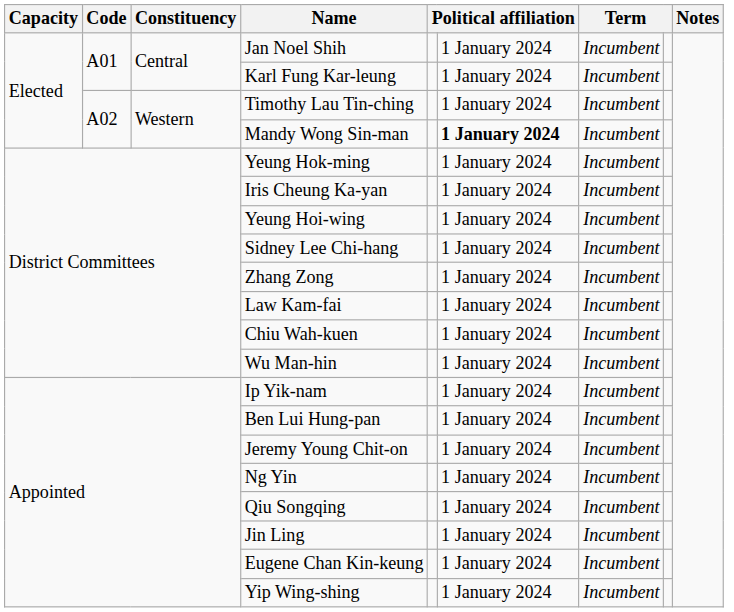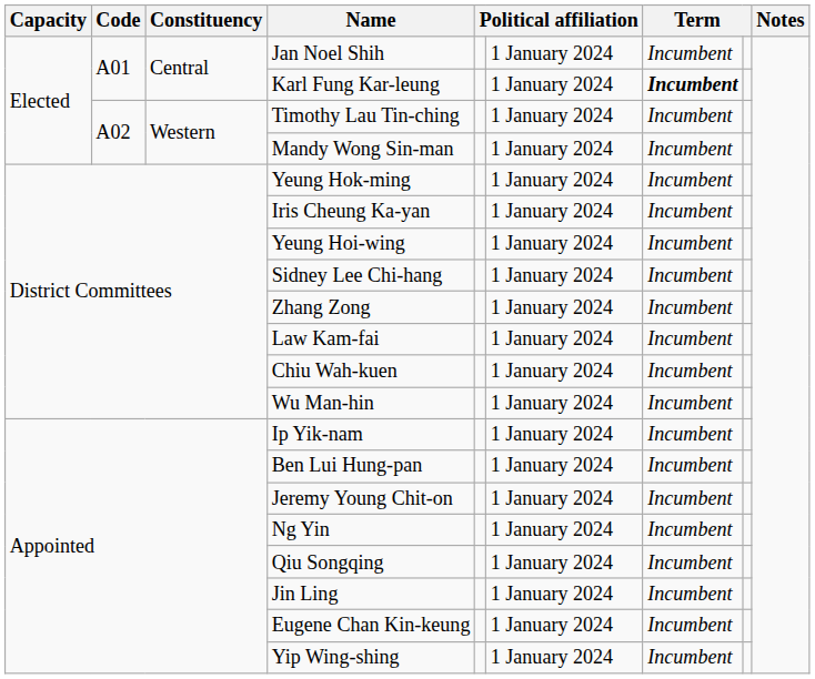 <table class="wikitable sortable" border=1>
 <tr>
 <th>Capacity</th>
 <th>Code</th>
 <th>Constituency</th>
 <th>Name</th>
 <th colspan=2>Political affiliation</th>
 <th colspan="2">Term</th>
 <th class="unsortable">Notes</th>
 </tr>
 <tr>
 <td rowspan="4">Elected</td>
 <td rowspan="2">A01</td>
 <td rowspan="2">Central</td>
 <td>Jan Noel Shih</td>
 <td></td>
 <td>1 January 2024</td>
 <td><em>Incumbent</em></td>
 <td></td>
 </tr>
 <tr>
 <td>Karl Fung Kar-leung</td>
 <td></td>
 <td>1 January 2024</td>
-<td><em>Incumbent</em></td>
+<td><strong><em>Incumbent</em></strong></td>
 <td></td>
 </tr>
 <tr>
 <td rowspan="2">A02</td>
 <td rowspan="2">Western</td>
 <td>Timothy Lau Tin-ching</td>
 <td></td>
 <td>1 January 2024</td>
 <td><em>Incumbent</em></td>
 <td></td>
 </tr>
 <tr>
 <td>Mandy Wong Sin-man</td>
 <td></td>
-<td><strong>1 January 2024</strong></td>
+<td>1 January 2024</td>
 <td><em>Incumbent</em></td>
 <td></td>
 </tr>
 <tr>
 <td colspan="3" rowspan="8">District Committees</td>
 <td>Yeung Hok-ming</td>
 <td></td>
 <td>1 January 2024</td>
 <td><em>Incumbent</em></td>
 <td></td>
 </tr>
 <tr>
 <td>Iris Cheung Ka-yan</td>
 <td></td>
 <td>1 January 2024</td>
 <td><em>Incumbent</em></td>
 <td></td>
 </tr>
 <tr>
 <td>Yeung Hoi-wing</td>
 <td></td>
 <td>1 January 2024</td>
 <td><em>Incumbent</em></td>
 <td></td>
 </tr>
 <tr>
 <td>Sidney Lee Chi-hang</td>
 <td></td>
 <td>1 January 2024</td>
 <td><em>Incumbent</em></td>
 <td></td>
 </tr>
 <tr>
 <td>Zhang Zong</td>
 <td></td>
 <td>1 January 2024</td>
 <td><em>Incumbent</em></td>
 <td></td>
 </tr>
 <tr>
 <td>Law Kam-fai</td>
 <td></td>
 <td>1 January 2024</td>
 <td><em>Incumbent</em></td>
 <td></td>
 </tr>
 <tr>
 <td>Chiu Wah-kuen</td>
 <td></td>
 <td>1 January 2024</td>
 <td><em>Incumbent</em></td>
 <td></td>
 </tr>
 <tr>
 <td>Wu Man-hin</td>
 <td></td>
 <td>1 January 2024</td>
 <td><em>Incumbent</em></td>
 <td></td>
 </tr>
 <tr>
 <td colspan="3" rowspan="8">Appointed</td>
 <td>Ip Yik-nam</td>
 <td></td>
 <td>1 January 2024</td>
 <td><em>Incumbent</em></td>
 <td></td>
 </tr>
 <tr>
 <td>Ben Lui Hung-pan</td>
 <td></td>
 <td>1 January 2024</td>
 <td><em>Incumbent</em></td>
 <td></td>
 </tr>
 <tr>
 <td>Jeremy Young Chit-on</td>
 <td></td>
 <td>1 January 2024</td>
 <td><em>Incumbent</em></td>
 <td></td>
 </tr>
 <tr>
 <td>Ng Yin</td>
 <td></td>
 <td>1 January 2024</td>
 <td><em>Incumbent</em></td>
 <td></td>
 </tr>
 <tr>
 <td>Qiu Songqing</td>
 <td></td>
 <td>1 January 2024</td>
 <td><em>Incumbent</em></td>
 <td></td>
 </tr>
 <tr>
 <td>Jin Ling</td>
 <td></td>
 <td>1 January 2024</td>
 <td><em>Incumbent</em></td>
 <td></td>
 </tr>
 <tr>
 <td>Eugene Chan Kin-keung</td>
 <td></td>
 <td>1 January 2024</td>
 <td><em>Incumbent</em></td>
 <td></td>
 </tr>
 <tr>
 <td>Yip Wing-shing</td>
 <td></td>
 <td>1 January 2024</td>
 <td><em>Incumbent</em></td>
 <td></td>
 </tr>
 </table>
